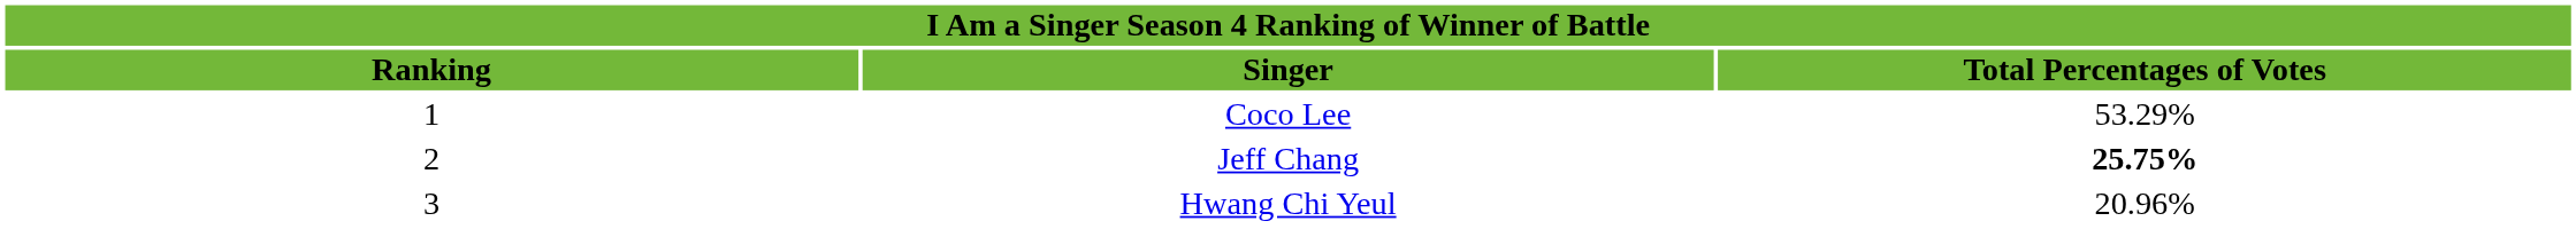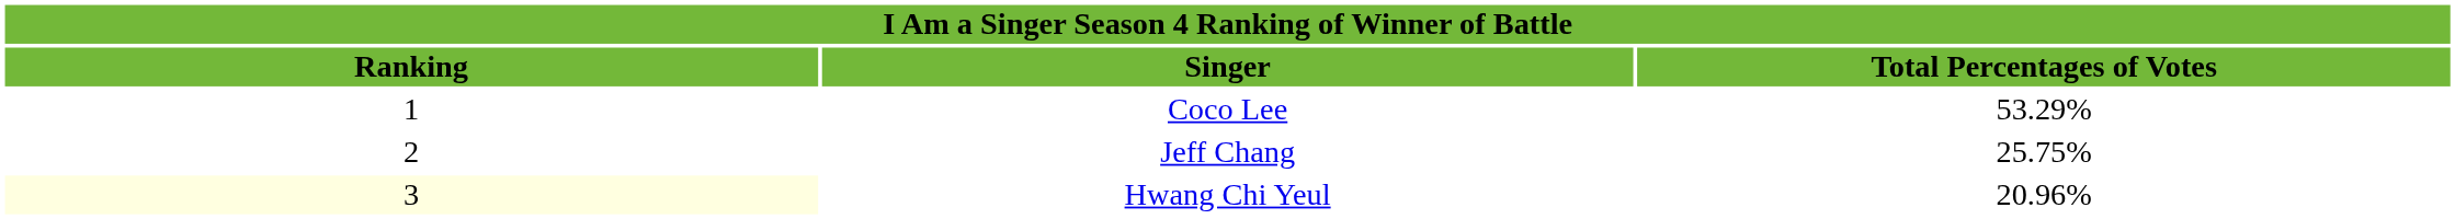 <table class="wikitalble" width="100%" style="text-align:center">
 <tr align=center style="background:#73B839">
 <td colspan="3"><div><strong>I Am a Singer Season 4 Ranking of Winner of Battle</strong></div></td>
 </tr>
 <tr align=center style="background:#73B839">
 <td style="width:10%"><strong>Ranking</strong></td>
 <td style="width:10%"><strong>Singer</strong></td>
 <td style="width:10%"><strong>Total Percentages of Votes</strong></td>
 </tr>
 <tr>
 <td>1</td>
 <td><a href='#'>Coco Lee</a></td>
 <td>53.29%</td>
 </tr>
 <tr>
 <td>2</td>
 <td><a href='#'>Jeff Chang</a></td>
-<td><strong>25.75%</strong></td>
+<td>25.75%</td>
 </tr>
 <tr>
-<td>3</td>
+<td style="background: lightyellow;">3</td>
 <td><a href='#'>Hwang Chi Yeul</a></td>
 <td>20.96%</td>
 </tr>
 </table>
